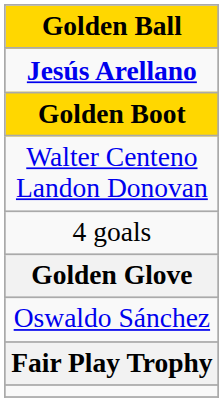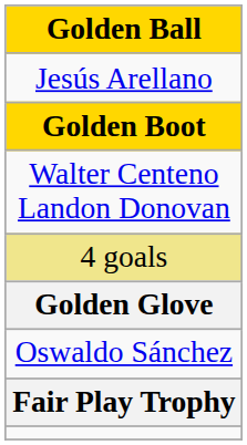 <table class="wikitable" style="text-align:center">
 <tr>
 <th scope=col style="background-color: gold">Golden Ball</th>
 </tr>
 <tr>
-<td><strong> <a href='#'>Jesús Arellano</a></strong></td>
+<td> <a href='#'>Jesús Arellano</a></td>
 </tr>
 <tr>
 <th scope=col style="background-color: gold">Golden Boot</th>
 </tr>
 <tr>
 <td> <a href='#'>Walter Centeno</a><br> <a href='#'>Landon Donovan</a></td>
 </tr>
 <tr>
-<td>4 goals</td>
+<td style="background: khaki;">4 goals</td>
 </tr>
 <tr>
 <th colspan="3">Golden Glove</th>
 </tr>
 <tr>
 <td colspan="3"> <a href='#'>Oswaldo Sánchez</a></td>
 </tr>
 <tr>
 <th colspan="3">Fair Play Trophy</th>
 </tr>
 <tr>
 <td colspan="3"></td>
 </tr>
 </table>
